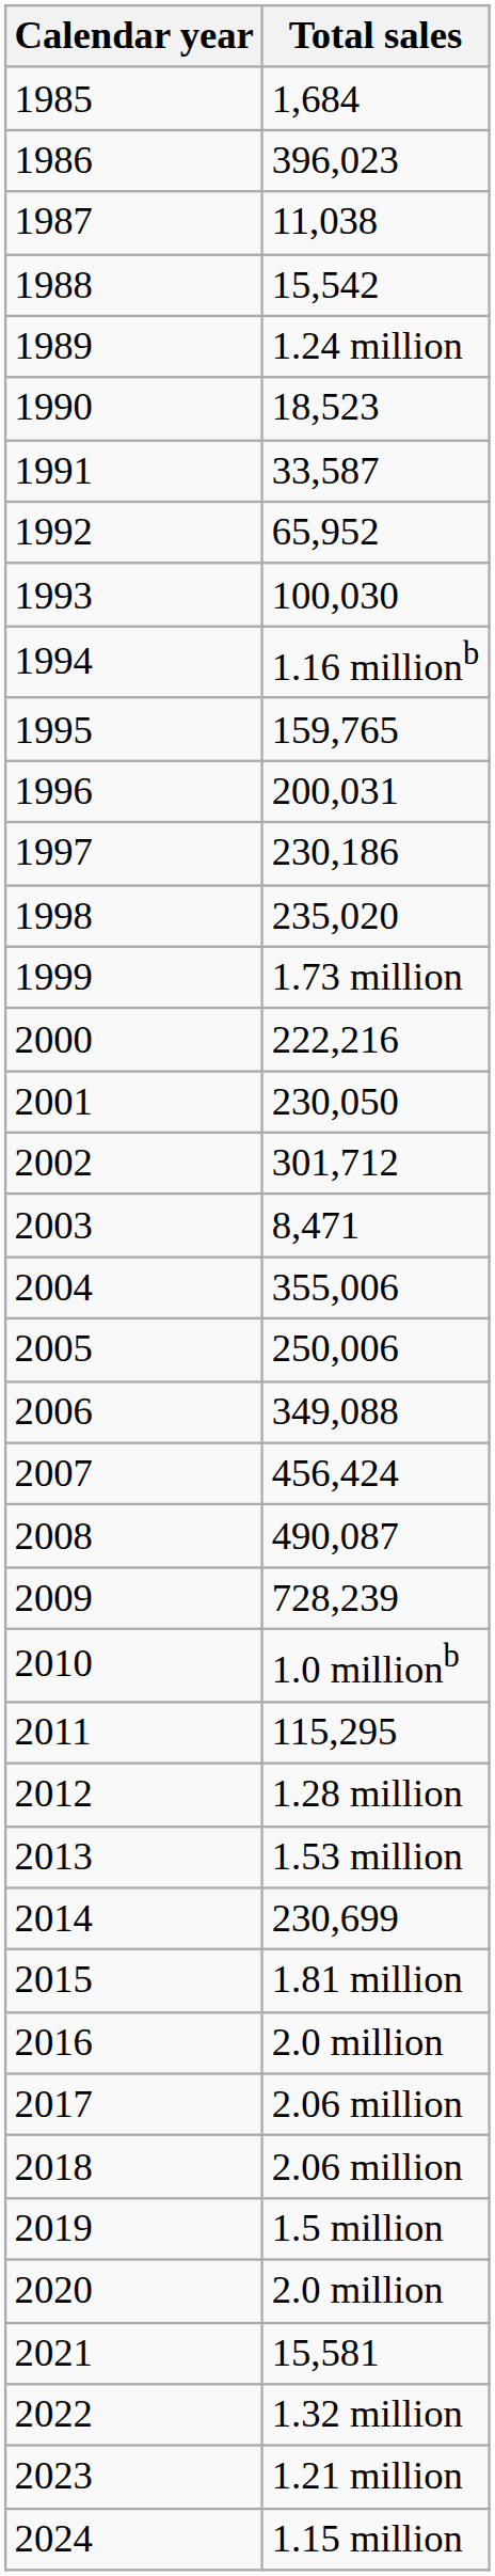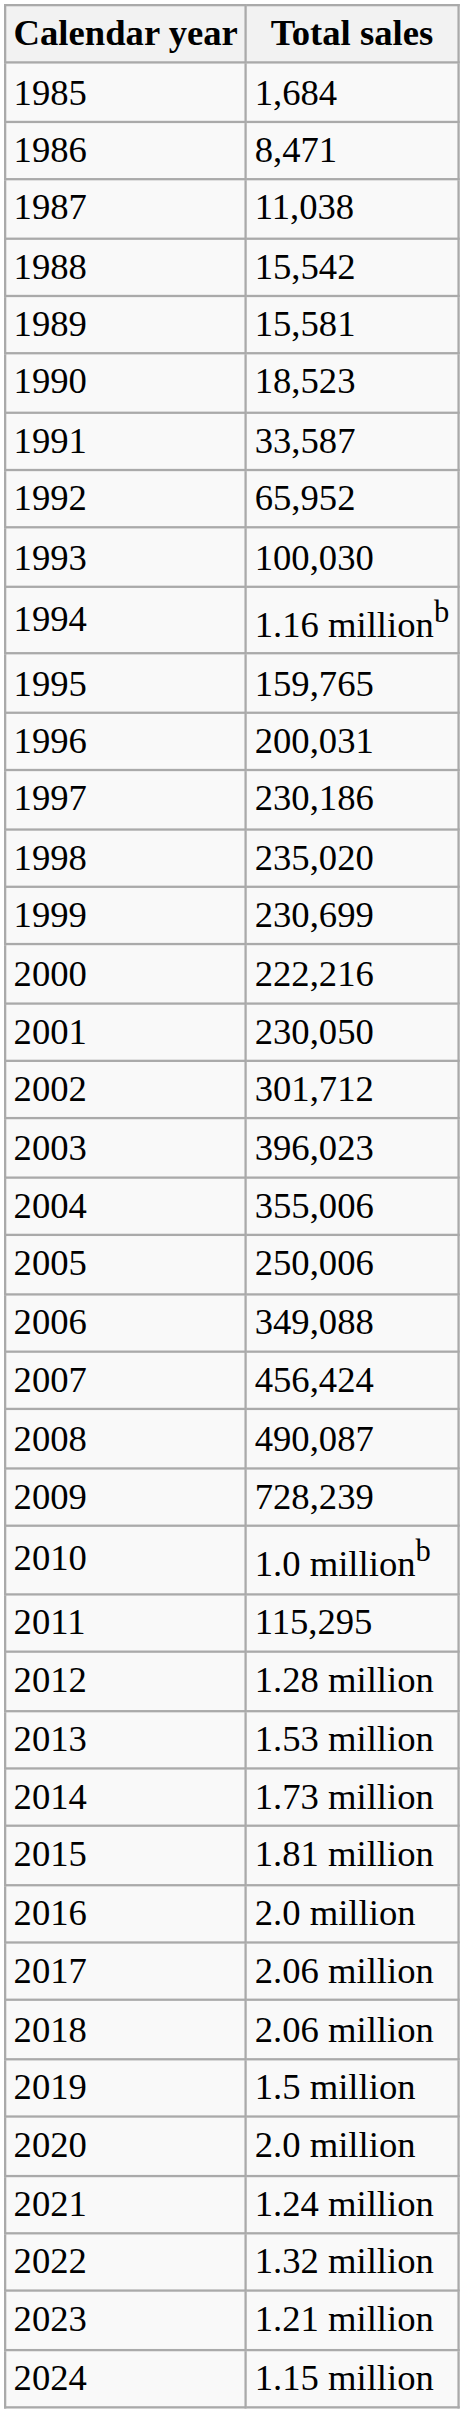 <table class="wikitable">
 <tr>
 <th>Calendar year</th>
 <th>Total sales</th>
 </tr>
 <tr>
 <td>1985</td>
 <td>1,684</td>
 </tr>
 <tr>
 <td>1986</td>
-<td>396,023</td>
+<td>8,471</td>
 </tr>
 <tr>
 <td>1987</td>
 <td>11,038</td>
 </tr>
 <tr>
 <td>1988</td>
 <td>15,542</td>
 </tr>
 <tr>
 <td>1989</td>
-<td>1.24 million</td>
+<td>15,581</td>
 </tr>
 <tr>
 <td>1990</td>
 <td>18,523</td>
 </tr>
 <tr>
 <td>1991</td>
 <td>33,587</td>
 </tr>
 <tr>
 <td>1992</td>
 <td>65,952</td>
 </tr>
 <tr>
 <td>1993</td>
 <td>100,030</td>
 </tr>
 <tr>
 <td>1994</td>
 <td>1.16 million<sup>b</sup></td>
 </tr>
 <tr>
 <td>1995</td>
 <td>159,765</td>
 </tr>
 <tr>
 <td>1996</td>
 <td>200,031</td>
 </tr>
 <tr>
 <td>1997</td>
 <td>230,186</td>
 </tr>
 <tr>
 <td>1998</td>
 <td>235,020</td>
 </tr>
 <tr>
 <td>1999</td>
-<td>1.73 million</td>
+<td>230,699</td>
 </tr>
 <tr>
 <td>2000</td>
 <td>222,216</td>
 </tr>
 <tr>
 <td>2001</td>
 <td>230,050</td>
 </tr>
 <tr>
 <td>2002</td>
 <td>301,712</td>
 </tr>
 <tr>
 <td>2003</td>
-<td>8,471</td>
+<td>396,023</td>
 </tr>
 <tr>
 <td>2004</td>
 <td>355,006</td>
 </tr>
 <tr>
 <td>2005</td>
 <td>250,006</td>
 </tr>
 <tr>
 <td>2006</td>
 <td>349,088</td>
 </tr>
 <tr>
 <td>2007</td>
 <td>456,424</td>
 </tr>
 <tr>
 <td>2008</td>
 <td>490,087</td>
 </tr>
 <tr>
 <td>2009</td>
 <td>728,239</td>
 </tr>
 <tr>
 <td>2010</td>
 <td>1.0 million<sup>b</sup></td>
 </tr>
 <tr>
 <td>2011</td>
 <td>115,295</td>
 </tr>
 <tr>
 <td>2012</td>
 <td>1.28 million</td>
 </tr>
 <tr>
 <td>2013</td>
 <td>1.53 million</td>
 </tr>
 <tr>
 <td>2014</td>
-<td>230,699</td>
+<td>1.73 million</td>
 </tr>
 <tr>
 <td>2015</td>
 <td>1.81 million</td>
 </tr>
 <tr>
 <td>2016</td>
 <td>2.0 million</td>
 </tr>
 <tr>
 <td>2017</td>
 <td>2.06 million</td>
 </tr>
 <tr>
 <td>2018</td>
 <td>2.06 million</td>
 </tr>
 <tr>
 <td>2019</td>
 <td>1.5 million</td>
 </tr>
 <tr>
 <td>2020</td>
 <td>2.0 million</td>
 </tr>
 <tr>
 <td>2021</td>
-<td>15,581</td>
+<td>1.24 million</td>
 </tr>
 <tr>
 <td>2022</td>
 <td>1.32 million</td>
 </tr>
 <tr>
 <td>2023</td>
 <td>1.21 million</td>
 </tr>
 <tr>
 <td>2024</td>
 <td>1.15 million</td>
 </tr>
 </table>
